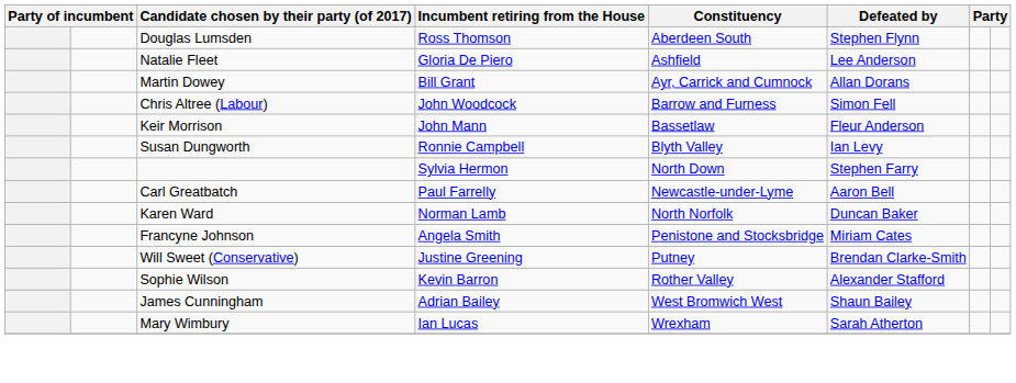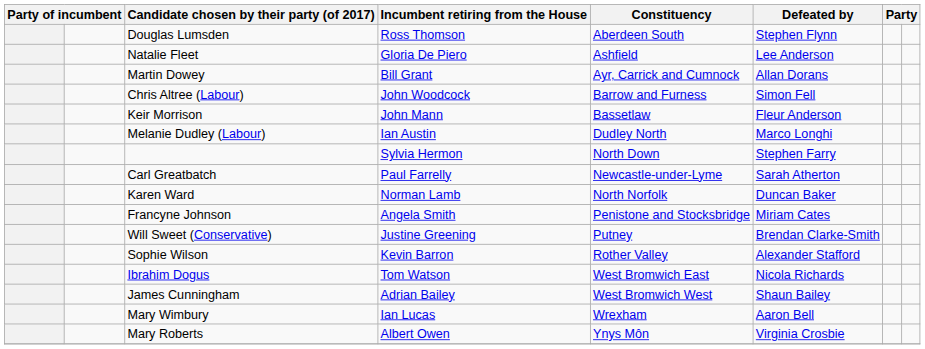 <table class="wikitable sortable" style="font-size: 95%;">
 <tr>
 <th colspan="2">Party of incumbent</th>
 <th>Candidate chosen by their party (of 2017)</th>
 <th>Incumbent retiring from the House</th>
 <th>Constituency</th>
 <th>Defeated by</th>
 <th colspan="2">Party</th>
 </tr>
 <tr>
 <th style="background-color: "></th>
 <td></td>
 <td data-sort-value="Lumsden, Douglas">Douglas Lumsden</td>
 <td data-sort-value="Thomson, Ross"><a href='#'>Ross Thomson</a></td>
 <td><a href='#'>Aberdeen South</a></td>
 <td data-sort-value="Flynn, Stephen"><a href='#'>Stephen Flynn</a></td>
 <td style="background-color: "></td>
 <td></td>
 </tr>
 <tr>
 <th style="background-color: "></th>
 <td></td>
 <td data-sort-value="Fleet, Natalie">Natalie Fleet</td>
 <td data-sort-value="De Piero, Gloria"><a href='#'>Gloria De Piero</a></td>
 <td><a href='#'>Ashfield</a></td>
 <td data-sort-value="Anderson, Lee"><a href='#'>Lee Anderson</a></td>
 <td style="background-color: "></td>
 <td></td>
 </tr>
 <tr>
 <th style="background-color: "></th>
 <td></td>
 <td data-sort-value="Dowey, Martin">Martin Dowey</td>
 <td data-sort-value="Grant, Bill"><a href='#'>Bill Grant</a></td>
 <td><a href='#'>Ayr, Carrick and Cumnock</a></td>
 <td data-sort-value="Dorans, Allan"><a href='#'>Allan Dorans</a></td>
 <td style="background-color: "></td>
 <td></td>
 </tr>
 <tr>
 <th style="background-color: "></th>
 <td></td>
 <td data-sort-value="Altree, Chris">Chris Altree (<a href='#'>Labour</a>)</td>
 <td data-sort-value="Woodcock, John"><a href='#'>John Woodcock</a></td>
 <td><a href='#'>Barrow and Furness</a></td>
 <td data-sort-value="Fell, Simon"><a href='#'>Simon Fell</a></td>
 <td style="background-color: "></td>
 <td></td>
 </tr>
 <tr>
 <th style="background-color: "></th>
 <td></td>
 <td data-sort-value="Morrison Keir">Keir Morrison</td>
 <td data-sort-value="Mann, John"><a href='#'>John Mann</a></td>
 <td><a href='#'>Bassetlaw</a></td>
 <td data-sort-value="Anderson, Fleur"><a href='#'>Fleur Anderson</a></td>
 <td style="background-color: "></td>
 <td></td>
 </tr>
 <tr>
 <th style="background-color: "></th>
 <td></td>
-<td data-sort-value="Dungworth, Susan">Susan Dungworth</td>
-<td data-sort-value="Campbell, Ronnie"><a href='#'>Ronnie Campbell</a></td>
-<td><a href='#'>Blyth Valley</a></td>
-<td data-sort-value="Levy, Ian"><a href='#'>Ian Levy</a></td>
+<td data-sort-value="Dudley, Melanie">Melanie Dudley (<a href='#'>Labour</a>)</td>
+<td data-sort-value="Austin, Ian"><a href='#'>Ian Austin</a></td>
+<td><a href='#'>Dudley North</a></td>
+<td data-sort-value="Longhi, Marco"><a href='#'>Marco Longhi</a></td>
 <td style="background-color: "></td>
 <td></td>
 </tr>
 <tr>
 <th style="background-color: "></th>
 <td></td>
 <td></td>
 <td data-sort-value="Hermon, Sylvia"><a href='#'>Sylvia Hermon</a></td>
 <td><a href='#'>North Down</a></td>
 <td data-sort-value="Farry, Stephen"><a href='#'>Stephen Farry</a></td>
 <td style="background-color: "></td>
 <td></td>
 </tr>
 <tr>
 <th style="background-color: "></th>
 <td></td>
 <td data-sort-value="Greatbatch, Carl">Carl Greatbatch</td>
 <td data-sort-value="Farrelly, Paul"><a href='#'>Paul Farrelly</a></td>
 <td><a href='#'>Newcastle-under-Lyme</a></td>
-<td data-sort-value="Bell, Aaron"><a href='#'>Aaron Bell</a></td>
+<td data-sort-value="Atherton, Sarah"><a href='#'>Sarah Atherton</a></td>
 <td style="background-color: "></td>
 <td></td>
 </tr>
 <tr>
 <th style="background-color: "></th>
 <td></td>
 <td data-sort-value="Ward, Karen">Karen Ward</td>
 <td data-sort-value="Lamb, Norman"><a href='#'>Norman Lamb</a></td>
 <td><a href='#'>North Norfolk</a></td>
 <td data-sort-value="Baker, Duncan"><a href='#'>Duncan Baker</a></td>
 <td style="background-color: "></td>
 <td></td>
 </tr>
 <tr>
 <th style="background-color: "></th>
 <td></td>
 <td data-sort-value="Johnson, Francyne">Francyne Johnson</td>
 <td data-sort-value="Smith, Angela"><a href='#'>Angela Smith</a></td>
 <td><a href='#'>Penistone and Stocksbridge</a></td>
 <td data-sort-value="Cates, Miriam"><a href='#'>Miriam Cates</a></td>
 <td style="background-color: "></td>
 <td></td>
 </tr>
 <tr>
 <th style="background-color: "></th>
 <td></td>
 <td data-sort-value="Sweet, Will">Will Sweet (<a href='#'>Conservative</a>)</td>
 <td data-sort-value="Greening, Justine"><a href='#'>Justine Greening</a></td>
 <td><a href='#'>Putney</a></td>
 <td data-sort-value="Clarke-Smith, Brendan"><a href='#'>Brendan Clarke-Smith</a></td>
 <td style="background-color: "></td>
 <td></td>
 </tr>
 <tr>
 <th style="background-color: "></th>
 <td></td>
 <td data-sort-value="Wilson, Sophie">Sophie Wilson</td>
 <td data-sort-value="Barron, Kevin"><a href='#'>Kevin Barron</a></td>
 <td><a href='#'>Rother Valley</a></td>
 <td data-sort-value="Stafford, Alexander"><a href='#'>Alexander Stafford</a></td>
 <td style="background-color: "></td>
 <td></td>
 </tr>
 <tr>
 <th style="background-color: "></th>
 <td></td>
+<td data-sort-value="Dogus, Ibrahim"><a href='#'>Ibrahim Dogus</a></td>
+<td data-sort-value="Watson, Tom"><a href='#'>Tom Watson</a></td>
+<td><a href='#'>West Bromwich East</a></td>
+<td data-sort-value="Richards, Nicola"><a href='#'>Nicola Richards</a></td>
+<td style="background-color: "></td>
+<td></td>
+</tr>
+<tr>
+<th style="background-color: "></th>
+<td></td>
 <td data-sort-value="Cunningham, James">James Cunningham</td>
 <td data-sort-value="Bailey, Adrian"><a href='#'>Adrian Bailey</a></td>
 <td><a href='#'>West Bromwich West</a></td>
 <td data-sort-value="Bailey, Shaun"><a href='#'>Shaun Bailey</a></td>
 <td style="background-color: "></td>
 <td></td>
 </tr>
 <tr>
 <th style="background-color: "></th>
 <td></td>
 <td data-sort-value="Wimbury, Mary">Mary Wimbury</td>
 <td data-sort-value="Lucas, Ian"><a href='#'>Ian Lucas</a></td>
 <td><a href='#'>Wrexham</a></td>
-<td data-sort-value="Atherton, Sarah"><a href='#'>Sarah Atherton</a></td>
+<td data-sort-value="Bell, Aaron"><a href='#'>Aaron Bell</a></td>
+<td style="background-color: "></td>
+<td></td>
+</tr>
+<tr>
+<th style="background-color: "></th>
+<td></td>
+<td data-sort-value="Roberts, Mary">Mary Roberts</td>
+<td data-sort-value="Owen, Albert"><a href='#'>Albert Owen</a></td>
+<td><a href='#'>Ynys Môn</a></td>
+<td data-sort-value="Crosbie, Virginia"><a href='#'>Virginia Crosbie</a></td>
 <td style="background-color: "></td>
 <td></td>
 </tr>
 <tr>
 </tr>
 </table>
